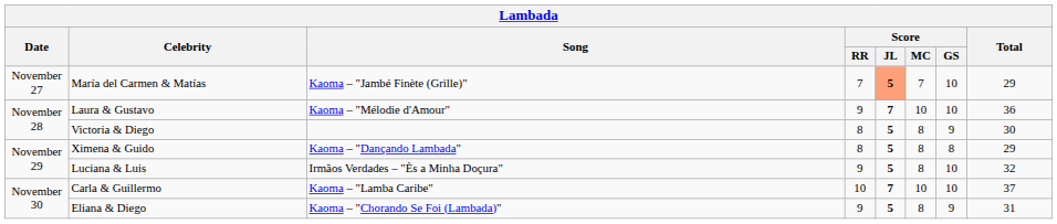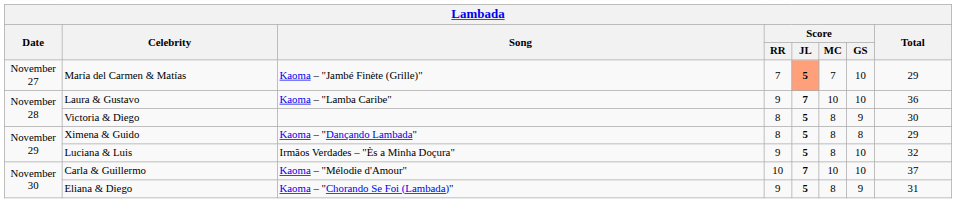 <table class="wikitable collapsible collapsed" style="font-size:90%; text-align: center; width: 100%;">
 <tr>
 <th colspan="11" style="with: 95%;"><big><a href='#'>Lambada</a></big></th>
 </tr>
 <tr>
 <th width=70 rowspan="2">Date</th>
 <th width=280 rowspan="2">Celebrity</th>
 <th rowspan="2">Song</th>
 <th colspan="4">Score</th>
 <th rowspan="2">Total</th>
 </tr>
 <tr>
 <th width=30>RR</th>
 <th width=30>JL</th>
 <th width=30>MC</th>
 <th width=30>GS</th>
 </tr>
 <tr>
 <td>November 27</td>
 <td style="text-align:left;">María del Carmen & Matías</td>
 <td style="text-align:left;"><a href='#'>Kaoma</a> – "Jambé Finète (Grille)"</td>
 <td>7</td>
 <td style="background: lightsalmon;"><strong>5</strong></td>
 <td>7</td>
 <td>10</td>
 <td>29</td>
 </tr>
 <tr>
 <td rowspan="2">November 28</td>
 <td style="text-align:left;">Laura & Gustavo</td>
-<td style="text-align:left;"><a href='#'>Kaoma</a> – "Mélodie d'Amour"</td>
+<td style="text-align:left;"><a href='#'>Kaoma</a> – "Lamba Caribe"</td>
 <td>9</td>
 <td><strong>7</strong></td>
 <td>10</td>
 <td>10</td>
 <td>36</td>
 </tr>
 <tr>
 <td style="text-align:left;">Victoria & Diego</td>
 <td></td>
 <td>8</td>
 <td><strong>5</strong></td>
 <td>8</td>
 <td>9</td>
 <td>30</td>
 </tr>
 <tr>
 <td rowspan="2">November 29</td>
 <td style="text-align:left;">Ximena & Guido</td>
 <td style="text-align:left;"><a href='#'>Kaoma</a> – "<a href='#'>Dançando Lambada</a>"</td>
 <td>8</td>
 <td><strong>5</strong></td>
 <td>8</td>
 <td>8</td>
 <td>29</td>
 </tr>
 <tr>
 <td style="text-align:left;">Luciana & Luis</td>
 <td style="text-align:left;">Irmãos Verdades – "Ès a Minha Doçura"</td>
 <td>9</td>
 <td><strong>5</strong></td>
 <td>8</td>
 <td>10</td>
 <td>32</td>
 </tr>
 <tr>
 <td rowspan="2">November 30</td>
 <td style="text-align:left;">Carla & Guillermo</td>
-<td style="text-align:left;"><a href='#'>Kaoma</a> – "Lamba Caribe"</td>
+<td style="text-align:left;"><a href='#'>Kaoma</a> – "Mélodie d'Amour"</td>
 <td>10</td>
 <td><strong>7</strong></td>
 <td>10</td>
 <td>10</td>
 <td>37</td>
 </tr>
 <tr>
 <td style="text-align:left;">Eliana & Diego</td>
 <td style="text-align:left;"><a href='#'>Kaoma</a> – "<a href='#'>Chorando Se Foi (Lambada)</a>"</td>
 <td>9</td>
 <td><strong>5</strong></td>
 <td>8</td>
 <td>9</td>
 <td>31</td>
 </tr>
 </table>
